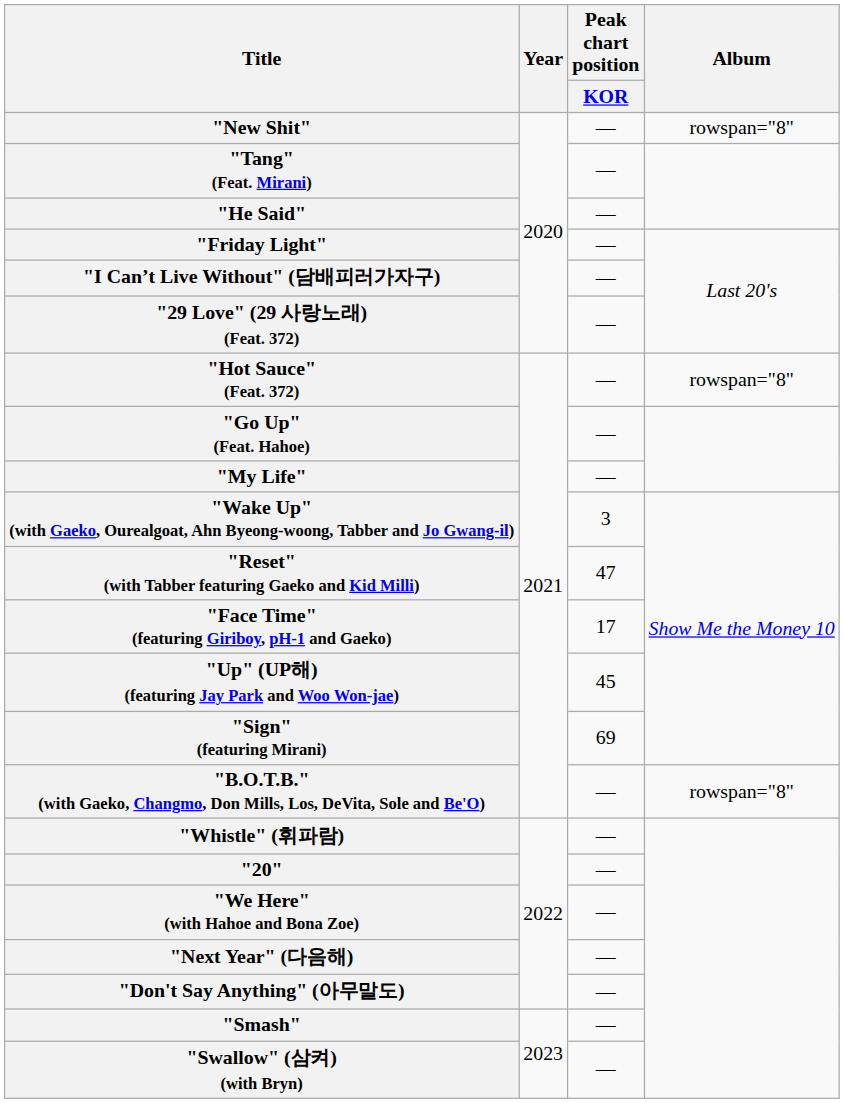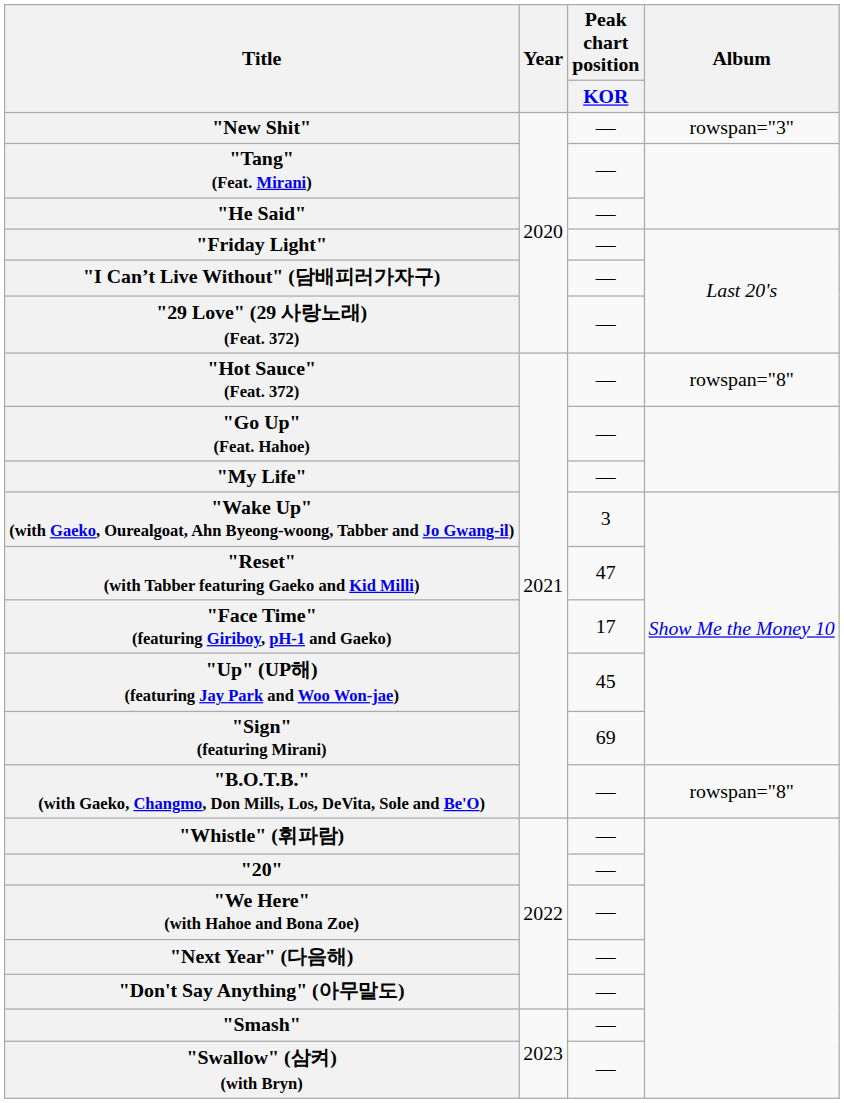 <table class="wikitable plainrowheaders" style="text-align:center;">
 <tr>
 <th rowspan="2">Title</th>
 <th rowspan="2">Year</th>
 <th>Peak<br>chart<br>position</th>
 <th rowspan="2">Album</th>
 </tr>
 <tr>
 <th><a href='#'>KOR</a><br></th>
 </tr>
 <tr>
 <th scope="row">"New Shit"</th>
 <td rowspan="6">2020</td>
 <td>—</td>
-<td>rowspan="8" </td>
+<td>rowspan="3" </td>
 </tr>
 <tr>
 <th scope="row">"Tang"<br><small>(Feat. <a href='#'>Mirani</a>)</small></th>
 <td>—</td>
 </tr>
 <tr>
 <th scope="row">"He Said"</th>
 <td>—</td>
 </tr>
 <tr>
 <th scope="row">"Friday Light"</th>
 <td>—</td>
 <td rowspan="3"><em>Last 20's</em></td>
 </tr>
 <tr>
 <th scope="row">"I Can’t Live Without" (담배피러가자구)</th>
 <td>—</td>
 </tr>
 <tr>
 <th scope="row">"29 Love" (29 사랑노래)<br><small>(Feat. 372)</small></th>
 <td>—</td>
 </tr>
 <tr>
 <th scope="row">"Hot Sauce"<br><small>(Feat. 372)</small></th>
 <td rowspan="9">2021</td>
 <td>—</td>
 <td>rowspan="8" </td>
 </tr>
 <tr>
 <th scope="row">"Go Up"<br><small>(Feat. Hahoe)</small></th>
 <td>—</td>
 </tr>
 <tr>
 <th scope="row">"My Life"</th>
 <td>—</td>
 </tr>
 <tr>
 <th scope="row">"Wake Up"<br><small>(with <a href='#'>Gaeko</a>, Ourealgoat, Ahn Byeong-woong, Tabber and <a href='#'>Jo Gwang-il</a>)</small></th>
 <td align="center">3</td>
 <td rowspan="5"><em><a href='#'>Show Me the Money 10</a></em></td>
 </tr>
 <tr>
 <th scope="row">"Reset"<br><small>(with Tabber featuring Gaeko and <a href='#'>Kid Milli</a>)</small></th>
 <td align="center">47</td>
 </tr>
 <tr>
 <th scope="row">"Face Time"<br><small>(featuring <a href='#'>Giriboy</a>, <a href='#'>pH-1</a> and Gaeko)</small></th>
 <td align="center">17</td>
 </tr>
 <tr>
 <th scope="row">"Up" (UP해)<br><small>(featuring <a href='#'>Jay Park</a> and <a href='#'>Woo Won-jae</a>)</small></th>
 <td align="center">45</td>
 </tr>
 <tr>
 <th scope="row">"Sign"<br><small>(featuring Mirani)</small></th>
 <td align="center">69</td>
 </tr>
 <tr>
 <th scope="row">"B.O.T.B."<br><small>(with Gaeko, <a href='#'>Changmo</a>, Don Mills, Los, DeVita, Sole and <a href='#'>Be'O</a>)</small></th>
 <td>—</td>
 <td>rowspan="8" </td>
 </tr>
 <tr>
 <th scope="row">"Whistle" (휘파람)</th>
 <td rowspan="5">2022</td>
 <td>—</td>
 </tr>
 <tr>
 <th scope="row">"20"</th>
 <td>—</td>
 </tr>
 <tr>
 <th scope="row">"We Here"<br><small>(with Hahoe and Bona Zoe)</small></th>
 <td>—</td>
 </tr>
 <tr>
 <th scope="row">"Next Year" (다음해)</th>
 <td>—</td>
 </tr>
 <tr>
 <th scope="row">"Don't Say Anything" (아무말도)</th>
 <td>—</td>
 </tr>
 <tr>
 <th scope="row">"Smash"</th>
 <td rowspan="2">2023</td>
 <td>—</td>
 </tr>
 <tr>
 <th scope="row">"Swallow" (삼켜)<br><small>(with Bryn)</small></th>
 <td>—</td>
 </tr>
 </table>
